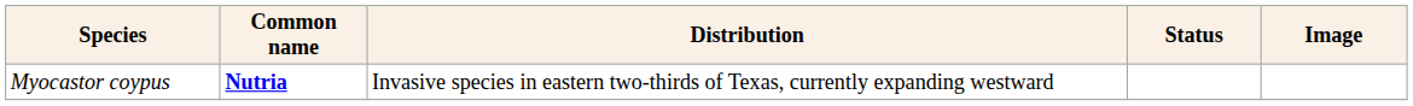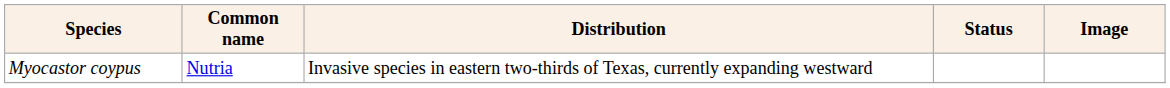 <table class="sortable wikitable plainrowheaders" border="0" style="background:#ffffff" align="top" class="sortable wikitable">
 <tr ->
 <th scope="col" style="background-color:Linen; color:Black" width=150 px>Species</th>
 <th scope="col" style="background-color:Linen; color:Black" width=100 px>Common name</th>
 <th scope="col" style="background:Linen; color:Black" width=550 px>Distribution</th>
 <th scope="col" style="background-color:Linen; color:Black" width=90 px>Status</th>
 <th scope="col" style="background:Linen; color:Black" width=100 px>Image</th>
 </tr>
 <tr>
 <td !scope="row" style="background:#ffffff"><em>Myocastor coypus</em></td>
-<td><strong><a href='#'>Nutria</a></strong></td>
+<td><a href='#'>Nutria</a></td>
 <td>Invasive species in eastern two-thirds of Texas, currently expanding westward</td>
 <td></td>
 <td></td>
 </tr>
 <tr>
 </tr>
 </table>
